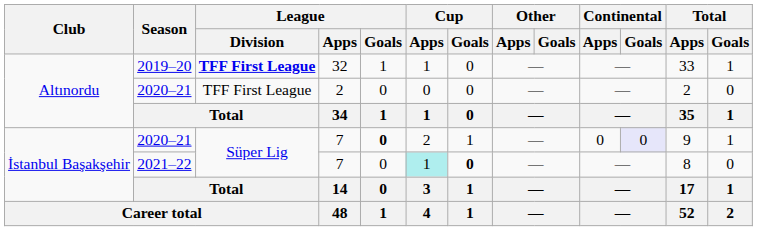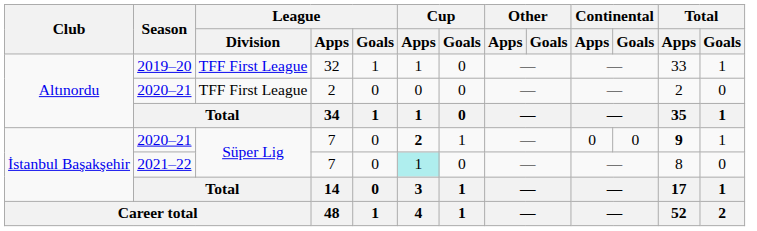 <table class="wikitable" style="text-align:center">
 <tr>
 <th rowspan="2">Club</th>
 <th rowspan="2">Season</th>
 <th colspan="3">League</th>
 <th colspan="2">Cup</th>
 <th colspan="2">Other</th>
 <th colspan="2">Continental</th>
 <th colspan="2">Total</th>
 </tr>
 <tr>
 <th>Division</th>
 <th>Apps</th>
 <th>Goals</th>
 <th>Apps</th>
 <th>Goals</th>
 <th>Apps</th>
 <th>Goals</th>
 <th>Apps</th>
 <th>Goals</th>
 <th>Apps</th>
 <th>Goals</th>
 </tr>
 <tr>
 <td rowspan="3"><a href='#'>Altınordu</a></td>
 <td><a href='#'>2019–20</a></td>
-<td><strong><a href='#'>TFF First League</a></strong></td>
+<td><a href='#'>TFF First League</a></td>
 <td>32</td>
 <td>1</td>
 <td>1</td>
 <td>0</td>
 <td colspan="2">—</td>
 <td colspan="2">—</td>
 <td>33</td>
 <td>1</td>
 </tr>
 <tr>
 <td><a href='#'>2020–21</a></td>
 <td>TFF First League</td>
 <td>2</td>
 <td>0</td>
 <td>0</td>
 <td>0</td>
 <td colspan="2">—</td>
 <td colspan="2">—</td>
 <td>2</td>
 <td>0</td>
 </tr>
 <tr>
 <th colspan="2">Total</th>
 <th>34</th>
 <th>1</th>
 <th>1</th>
 <th>0</th>
 <th colspan="2">—</th>
 <th colspan="2">—</th>
 <th>35</th>
 <th>1</th>
 </tr>
 <tr>
 <td rowspan="3"><a href='#'>İstanbul Başakşehir</a></td>
 <td><a href='#'>2020–21</a></td>
 <td rowspan="2"><a href='#'>Süper Lig</a></td>
 <td>7</td>
-<td><strong>0</strong></td>
-<td>2</td>
+<td>0</td>
+<td><strong>2</strong></td>
 <td>1</td>
 <td colspan="2">—</td>
 <td>0</td>
-<td style="background: lavender;">0</td>
-<td>9</td>
+<td>0</td>
+<td><strong>9</strong></td>
 <td>1</td>
 </tr>
 <tr>
 <td><a href='#'>2021–22</a></td>
 <td>7</td>
 <td>0</td>
 <td style="background: paleturquoise;">1</td>
-<td><strong>0</strong></td>
+<td>0</td>
 <td colspan="2">—</td>
 <td colspan="2">—</td>
 <td>8</td>
 <td>0</td>
 </tr>
 <tr>
 <th colspan="2">Total</th>
 <th>14</th>
 <th>0</th>
 <th>3</th>
 <th>1</th>
 <th colspan="2">—</th>
 <th colspan="2">—</th>
 <th>17</th>
 <th>1</th>
 </tr>
 <tr>
 <th colspan="3">Career total</th>
 <th>48</th>
 <th>1</th>
 <th>4</th>
 <th>1</th>
 <th colspan="2">—</th>
 <th colspan="2">—</th>
 <th>52</th>
 <th>2</th>
 </tr>
 </table>
